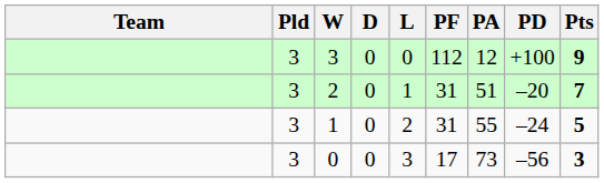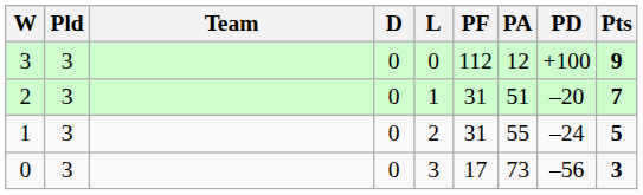 <table class="wikitable" style="text-align:center;">
 <tr>
+<th width=20 abbr="Won">W</th>
+<th width=20 abbr="Played">Pld</th>
 <th width=190>Team</th>
-<th width=20 abbr="Played">Pld</th>
-<th width=20 abbr="Won">W</th>
 <th width=20 abbr="Drawn">D</th>
 <th width=20 abbr="Lost">L</th>
 <th width=20 abbr="Points for">PF</th>
 <th width=20 abbr="Points against">PA</th>
 <th width=25 abbr="Points difference">PD</th>
 <th width=20 abbr="Points">Pts</th>
 </tr>
 <tr style="background:#ccffcc">
-<td align=left></td>
 <td>3</td>
 <td>3</td>
+<td align=left></td>
 <td>0</td>
 <td>0</td>
 <td>112</td>
 <td>12</td>
 <td>+100</td>
 <td><strong>9</strong></td>
 </tr>
 <tr style="background:#ccffcc">
+<td>2</td>
+<td>3</td>
 <td align=left></td>
-<td>3</td>
-<td>2</td>
 <td>0</td>
 <td>1</td>
 <td>31</td>
 <td>51</td>
 <td>–20</td>
 <td><strong>7</strong></td>
 </tr>
 <tr>
+<td>1</td>
+<td>3</td>
 <td align=left></td>
-<td>3</td>
-<td>1</td>
 <td>0</td>
 <td>2</td>
 <td>31</td>
 <td>55</td>
 <td>–24</td>
 <td><strong>5</strong></td>
 </tr>
 <tr>
+<td>0</td>
+<td>3</td>
 <td align=left></td>
-<td>3</td>
-<td>0</td>
 <td>0</td>
 <td>3</td>
 <td>17</td>
 <td>73</td>
 <td>–56</td>
 <td><strong>3</strong></td>
 </tr>
 </table>
